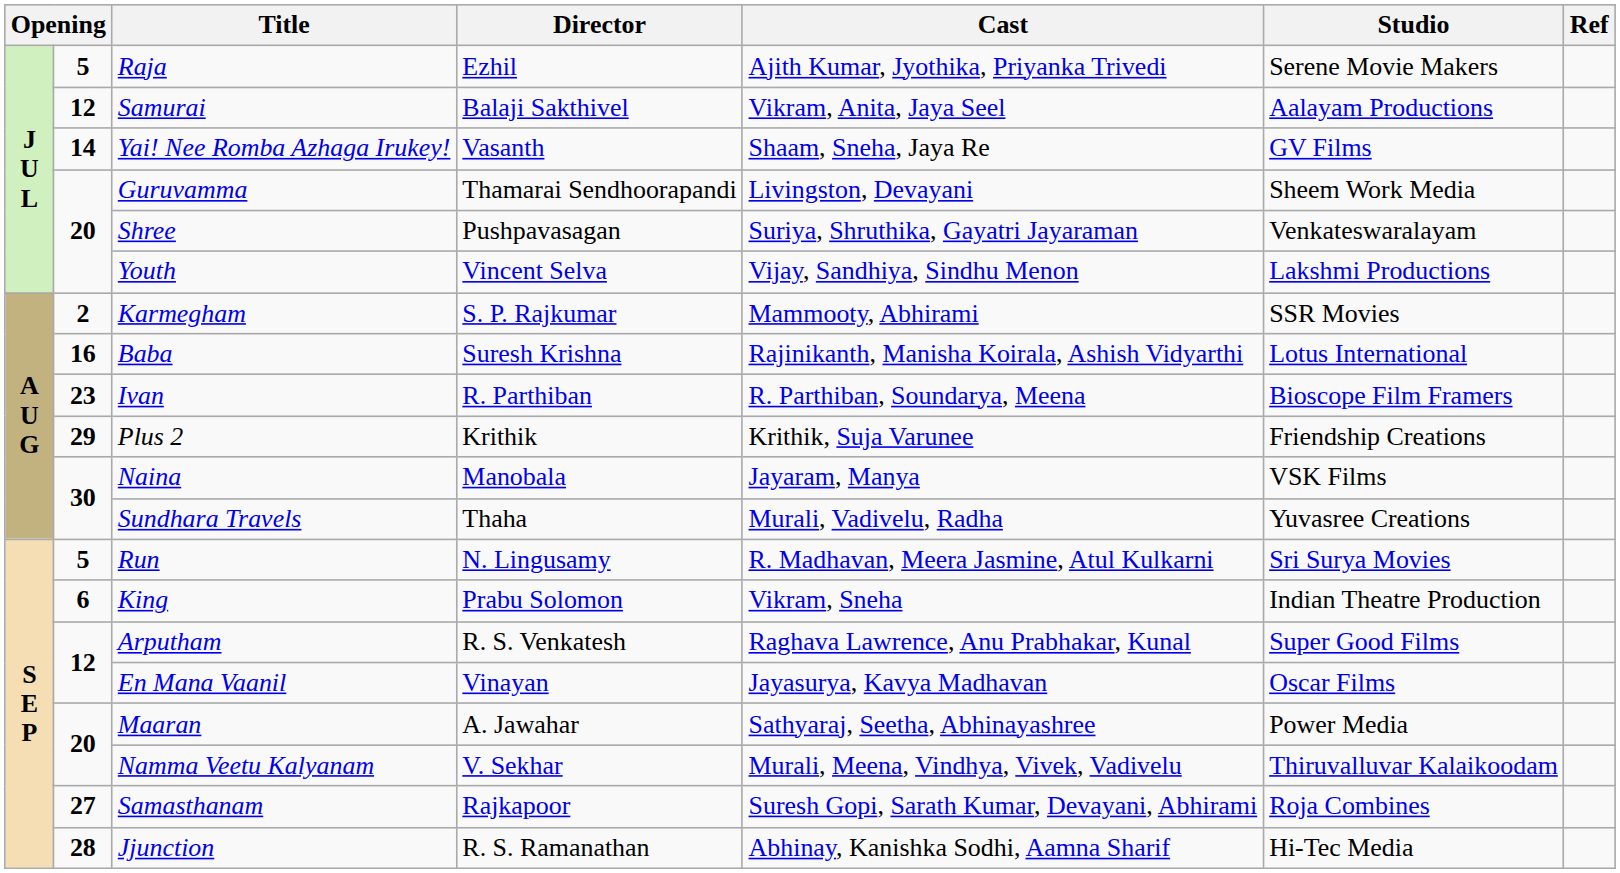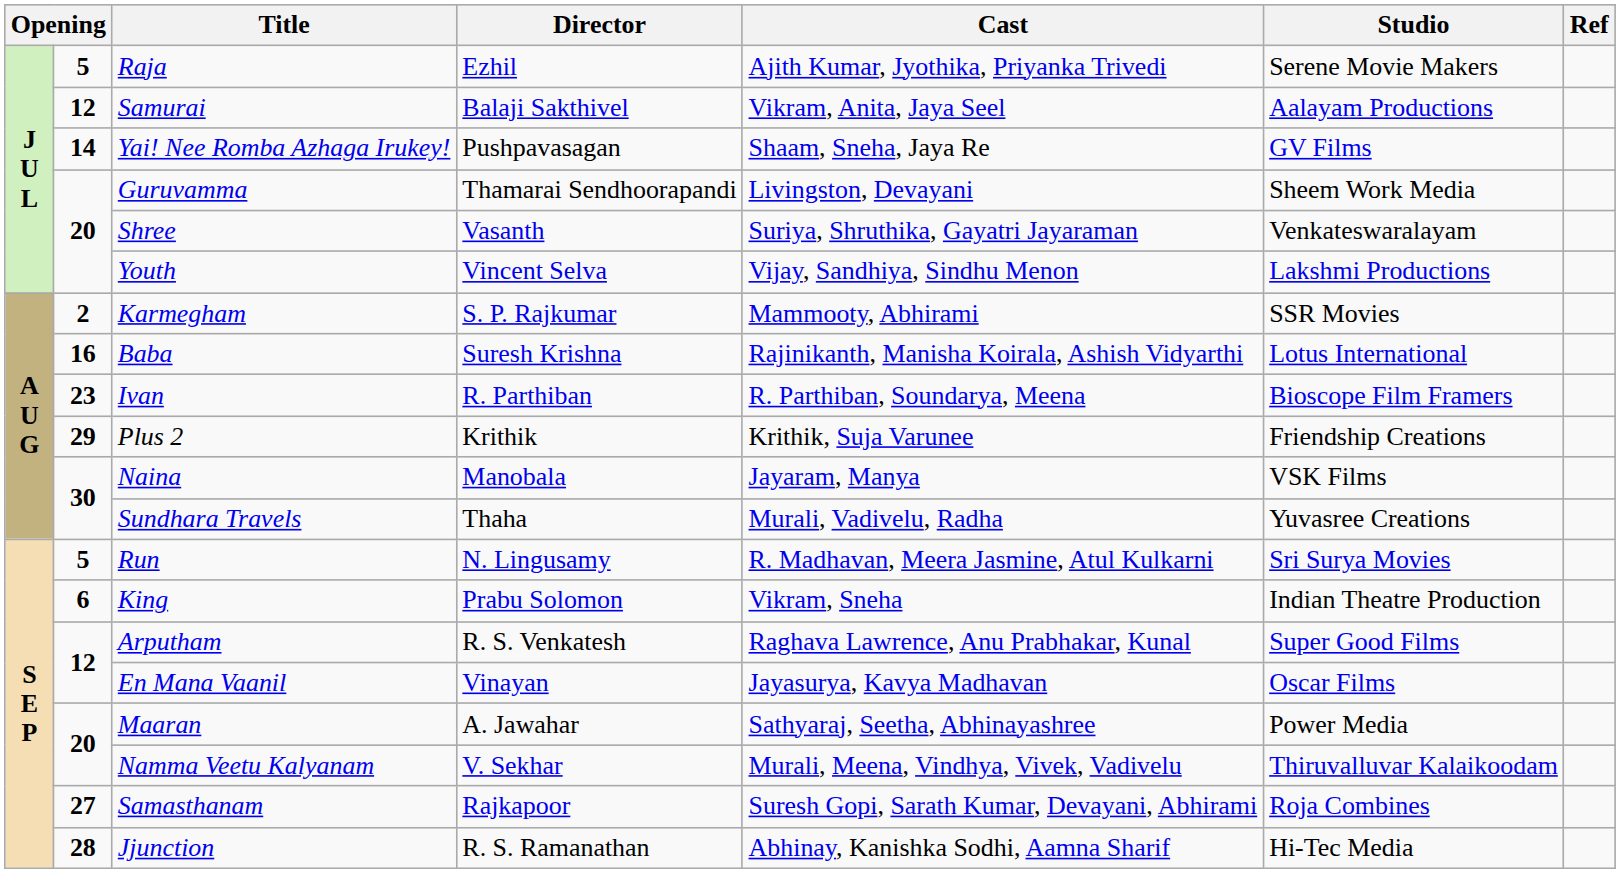 <table class="wikitable">
 <tr>
 <th colspan="2">Opening</th>
 <th>Title</th>
 <th>Director</th>
 <th>Cast</th>
 <th>Studio</th>
 <th>Ref</th>
 </tr>
 <tr July!>
 <td rowspan="6"   style="text-align:center; background:#d0f0c0; textcolor:#000;"><strong>J<br>U<br>L</strong></td>
 <td style="text-align:center;"><strong>5</strong></td>
 <td><em><a href='#'>Raja</a></em></td>
 <td><a href='#'>Ezhil</a></td>
 <td><a href='#'>Ajith Kumar</a>, <a href='#'>Jyothika</a>, <a href='#'>Priyanka Trivedi</a></td>
 <td>Serene Movie Makers</td>
 <td></td>
 </tr>
 <tr>
 <td style="text-align:center;"><strong>12</strong></td>
 <td><em><a href='#'>Samurai</a></em></td>
 <td><a href='#'>Balaji Sakthivel</a></td>
 <td><a href='#'>Vikram</a>, <a href='#'>Anita</a>, <a href='#'>Jaya Seel</a></td>
 <td><a href='#'>Aalayam Productions</a></td>
 <td></td>
 </tr>
 <tr>
 <td style="text-align:center;"><strong>14</strong></td>
 <td><em><a href='#'>Yai! Nee Romba Azhaga Irukey!</a></em></td>
-<td><a href='#'>Vasanth</a></td>
+<td>Pushpavasagan</td>
 <td><a href='#'>Shaam</a>, <a href='#'>Sneha</a>, Jaya Re</td>
 <td><a href='#'>GV Films</a></td>
 <td></td>
 </tr>
 <tr>
 <td rowspan="3" style="text-align:center;"><strong>20</strong></td>
 <td><em><a href='#'>Guruvamma</a></em></td>
 <td>Thamarai Sendhoorapandi</td>
 <td><a href='#'>Livingston</a>, <a href='#'>Devayani</a></td>
 <td>Sheem Work Media</td>
 <td></td>
 </tr>
 <tr>
 <td><em><a href='#'>Shree</a></em></td>
-<td>Pushpavasagan</td>
+<td><a href='#'>Vasanth</a></td>
 <td><a href='#'>Suriya</a>, <a href='#'>Shruthika</a>, <a href='#'>Gayatri Jayaraman</a></td>
 <td>Venkateswaralayam</td>
 <td></td>
 </tr>
 <tr>
 <td><em><a href='#'>Youth</a></em></td>
 <td><a href='#'>Vincent Selva</a></td>
 <td><a href='#'>Vijay</a>, <a href='#'>Sandhiya</a>, <a href='#'>Sindhu Menon</a></td>
 <td><a href='#'>Lakshmi Productions</a></td>
 <td></td>
 </tr>
 <tr August!>
 <td rowspan="6" style="text-align:center; background:#c2b280; textcolor:#000;"><strong>A<br>U<br>G</strong></td>
 <td style="text-align:center;"><strong>2</strong></td>
 <td><em><a href='#'>Karmegham</a></em></td>
 <td><a href='#'>S. P. Rajkumar</a></td>
 <td><a href='#'>Mammooty</a>, <a href='#'>Abhirami</a></td>
 <td>SSR Movies</td>
 <td></td>
 </tr>
 <tr>
 <td style="text-align:center;"><strong>16</strong></td>
 <td><em><a href='#'>Baba</a></em></td>
 <td><a href='#'>Suresh Krishna</a></td>
 <td><a href='#'>Rajinikanth</a>, <a href='#'>Manisha Koirala</a>, <a href='#'>Ashish Vidyarthi</a></td>
 <td><a href='#'>Lotus International</a></td>
 <td></td>
 </tr>
 <tr>
 <td style="text-align:center;"><strong>23</strong></td>
 <td><em><a href='#'>Ivan</a></em></td>
 <td><a href='#'>R. Parthiban</a></td>
 <td><a href='#'>R. Parthiban</a>, <a href='#'>Soundarya</a>, <a href='#'>Meena</a></td>
 <td><a href='#'>Bioscope Film Framers</a></td>
 <td></td>
 </tr>
 <tr>
 <td style="text-align:center;"><strong>29</strong></td>
 <td><em>Plus 2</em></td>
 <td>Krithik</td>
 <td>Krithik, <a href='#'>Suja Varunee</a></td>
 <td>Friendship Creations</td>
 <td></td>
 </tr>
 <tr>
 <td rowspan="2" style="text-align:center;"><strong>30</strong></td>
 <td><em><a href='#'>Naina</a></em></td>
 <td><a href='#'>Manobala</a></td>
 <td><a href='#'>Jayaram</a>, <a href='#'>Manya</a></td>
 <td>VSK Films</td>
 <td></td>
 </tr>
 <tr>
 <td><em><a href='#'>Sundhara Travels</a></em></td>
 <td>Thaha</td>
 <td><a href='#'>Murali</a>, <a href='#'>Vadivelu</a>, <a href='#'>Radha</a></td>
 <td>Yuvasree Creations</td>
 <td></td>
 </tr>
 <tr September!>
 <td rowspan="8"   style="text-align:center; background:wheat; textcolor:#000;"><strong>S<br>E<br>P</strong></td>
 <td style="text-align:center;"><strong>5</strong></td>
 <td><em><a href='#'>Run</a></em></td>
 <td><a href='#'>N. Lingusamy</a></td>
 <td><a href='#'>R. Madhavan</a>, <a href='#'>Meera Jasmine</a>, <a href='#'>Atul Kulkarni</a></td>
 <td><a href='#'>Sri Surya Movies</a></td>
 <td></td>
 </tr>
 <tr>
 <td style="text-align:center;"><strong>6</strong></td>
 <td><em><a href='#'>King</a></em></td>
 <td><a href='#'>Prabu Solomon</a></td>
 <td><a href='#'>Vikram</a>, <a href='#'>Sneha</a></td>
 <td>Indian Theatre Production</td>
 <td></td>
 </tr>
 <tr>
 <td rowspan="2" style="text-align:center;"><strong>12</strong></td>
 <td><em><a href='#'>Arputham</a></em></td>
 <td>R. S. Venkatesh</td>
 <td><a href='#'>Raghava Lawrence</a>, <a href='#'>Anu Prabhakar</a>, <a href='#'>Kunal</a></td>
 <td><a href='#'>Super Good Films</a></td>
 <td></td>
 </tr>
 <tr>
 <td><em><a href='#'>En Mana Vaanil</a></em></td>
 <td><a href='#'>Vinayan</a></td>
 <td><a href='#'>Jayasurya</a>, <a href='#'>Kavya Madhavan</a></td>
 <td><a href='#'>Oscar Films</a></td>
 <td></td>
 </tr>
 <tr>
 <td rowspan="2" style="text-align:center;"><strong>20</strong></td>
 <td><em><a href='#'>Maaran</a></em></td>
 <td>A. Jawahar</td>
 <td><a href='#'>Sathyaraj</a>, <a href='#'>Seetha</a>, <a href='#'>Abhinayashree</a></td>
 <td>Power Media</td>
 <td></td>
 </tr>
 <tr>
 <td><em><a href='#'>Namma Veetu Kalyanam</a></em></td>
 <td><a href='#'>V. Sekhar</a></td>
 <td><a href='#'>Murali</a>, <a href='#'>Meena</a>, <a href='#'>Vindhya</a>,  <a href='#'>Vivek</a>, <a href='#'>Vadivelu</a></td>
 <td><a href='#'>Thiruvalluvar Kalaikoodam</a></td>
 <td></td>
 </tr>
 <tr>
 <td style="text-align:center;"><strong>27</strong></td>
 <td><em><a href='#'>Samasthanam</a></em></td>
 <td><a href='#'>Rajkapoor</a></td>
 <td><a href='#'>Suresh Gopi</a>, <a href='#'>Sarath Kumar</a>, <a href='#'>Devayani</a>, <a href='#'>Abhirami</a></td>
 <td><a href='#'>Roja Combines</a></td>
 <td></td>
 </tr>
 <tr>
 <td style="text-align:center;"><strong>28</strong></td>
 <td><em><a href='#'>Jjunction</a></em></td>
 <td>R. S. Ramanathan</td>
 <td><a href='#'>Abhinay</a>, Kanishka Sodhi, <a href='#'>Aamna Sharif</a></td>
 <td>Hi-Tec Media</td>
 <td></td>
 </tr>
 </table>
